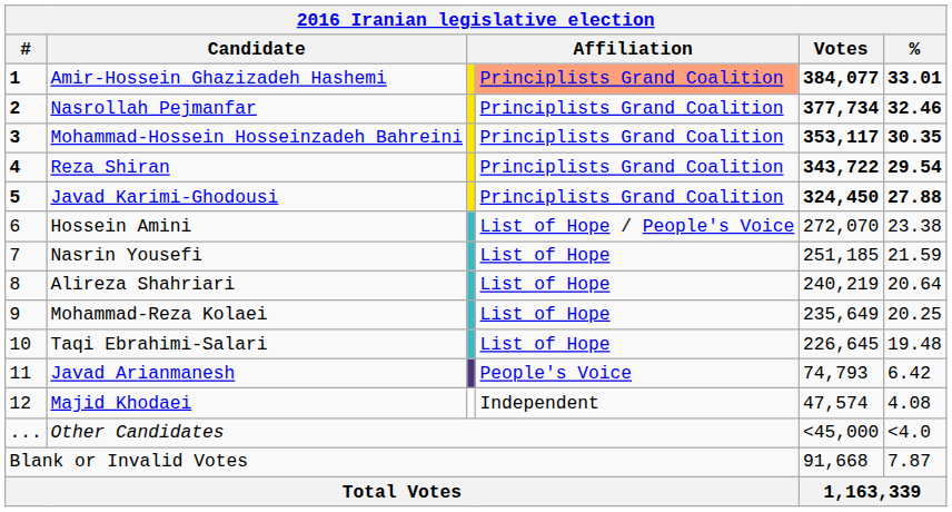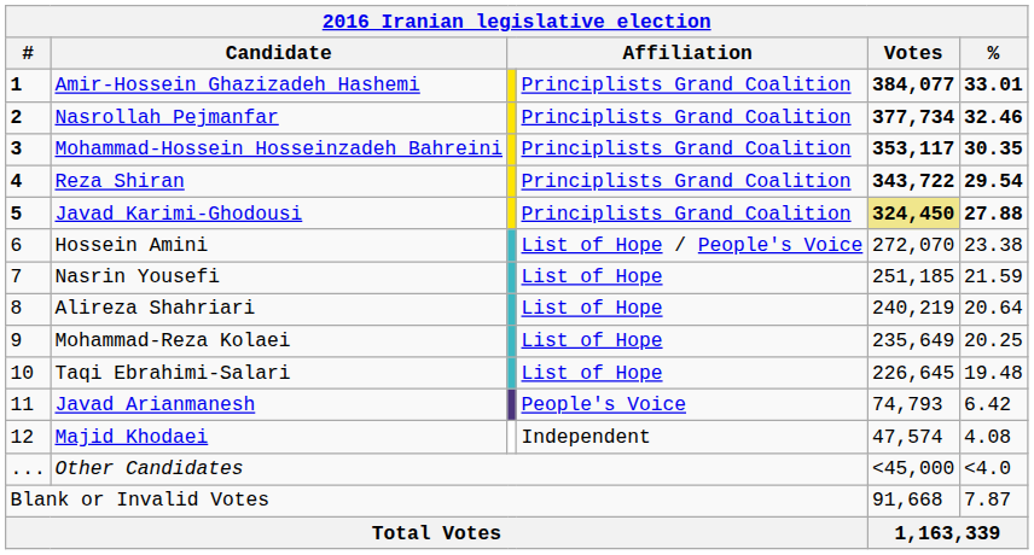 <table class="wikitable">
 <tr>
 <th colspan="6"><a href='#'>2016 Iranian legislative election</a></th>
 </tr>
 <tr>
 <th>#</th>
 <th>Candidate</th>
 <th colspan="2">Affiliation</th>
 <th>Votes</th>
 <th>%</th>
 </tr>
 <tr>
 <td><strong>1</strong></td>
 <td><a href='#'>Amir-Hossein Ghazizadeh Hashemi</a></td>
 <td style="background:#ffe500"></td>
-<td style="background: lightsalmon;"><a href='#'>Principlists Grand Coalition</a></td>
+<td><a href='#'>Principlists Grand Coalition</a></td>
 <td><strong>384,077</strong></td>
 <td><strong>33.01</strong></td>
 </tr>
 <tr>
 <td><strong>2</strong></td>
 <td><a href='#'>Nasrollah Pejmanfar</a></td>
 <td style="background:#ffe500"></td>
 <td><a href='#'>Principlists Grand Coalition</a></td>
 <td><strong>377,734</strong></td>
 <td><strong>32.46</strong></td>
 </tr>
 <tr>
 <td><strong>3</strong></td>
 <td><a href='#'>Mohammad-Hossein Hosseinzadeh Bahreini</a></td>
 <td style="background:#ffe500"></td>
 <td><a href='#'>Principlists Grand Coalition</a></td>
 <td><strong>353,117</strong></td>
 <td><strong>30.35</strong></td>
 </tr>
 <tr>
 <td><strong>4</strong></td>
 <td><a href='#'>Reza Shiran</a></td>
 <td style="background:#ffe500"></td>
 <td><a href='#'>Principlists Grand Coalition</a></td>
 <td><strong>343,722</strong></td>
 <td><strong>29.54</strong></td>
 </tr>
 <tr>
 <td><strong>5</strong></td>
 <td><a href='#'>Javad Karimi-Ghodousi</a></td>
 <td style="background:#ffe500"></td>
 <td><a href='#'>Principlists Grand Coalition</a></td>
-<td><strong>324,450</strong></td>
+<td style="background: khaki;"><strong>324,450</strong></td>
 <td><strong>27.88</strong></td>
 </tr>
 <tr>
 <td>6</td>
 <td>Hossein Amini</td>
 <td style="background:#3cb8c2"></td>
 <td><a href='#'>List of Hope</a> / <a href='#'>People's Voice</a></td>
 <td>272,070</td>
 <td>23.38</td>
 </tr>
 <tr>
 <td>7</td>
 <td>Nasrin Yousefi</td>
 <td style="background:#3cb8c2"></td>
 <td><a href='#'>List of Hope</a></td>
 <td>251,185</td>
 <td>21.59</td>
 </tr>
 <tr>
 <td>8</td>
 <td>Alireza Shahriari</td>
 <td style="background:#3cb8c2"></td>
 <td><a href='#'>List of Hope</a></td>
 <td>240,219</td>
 <td>20.64</td>
 </tr>
 <tr>
 <td>9</td>
 <td>Mohammad-Reza Kolaei</td>
 <td style="background:#3cb8c2"></td>
 <td><a href='#'>List of Hope</a></td>
 <td>235,649</td>
 <td>20.25</td>
 </tr>
 <tr>
 <td>10</td>
 <td>Taqi Ebrahimi-Salari</td>
 <td style="background:#3cb8c2"></td>
 <td><a href='#'>List of Hope</a></td>
 <td>226,645</td>
 <td>19.48</td>
 </tr>
 <tr>
 <td>11</td>
 <td><a href='#'>Javad Arianmanesh</a></td>
 <td style="background:#4b347c"></td>
 <td><a href='#'>People's Voice</a></td>
 <td>74,793</td>
 <td>6.42</td>
 </tr>
 <tr>
 <td>12</td>
 <td><a href='#'>Majid Khodaei</a></td>
 <td style="background:#FFFFFF"></td>
 <td>Independent</td>
 <td>47,574</td>
 <td>4.08</td>
 </tr>
 <tr>
 <td>...</td>
 <td colspan="3"><em>Other Candidates</em></td>
 <td><45,000</td>
 <td><4.0</td>
 </tr>
 <tr>
 <td colspan="4">Blank or Invalid Votes</td>
 <td>91,668</td>
 <td>7.87</td>
 </tr>
 <tr>
 <th colspan="4">Total Votes</th>
 <th colspan="2">1,163,339</th>
 </tr>
 </table>
